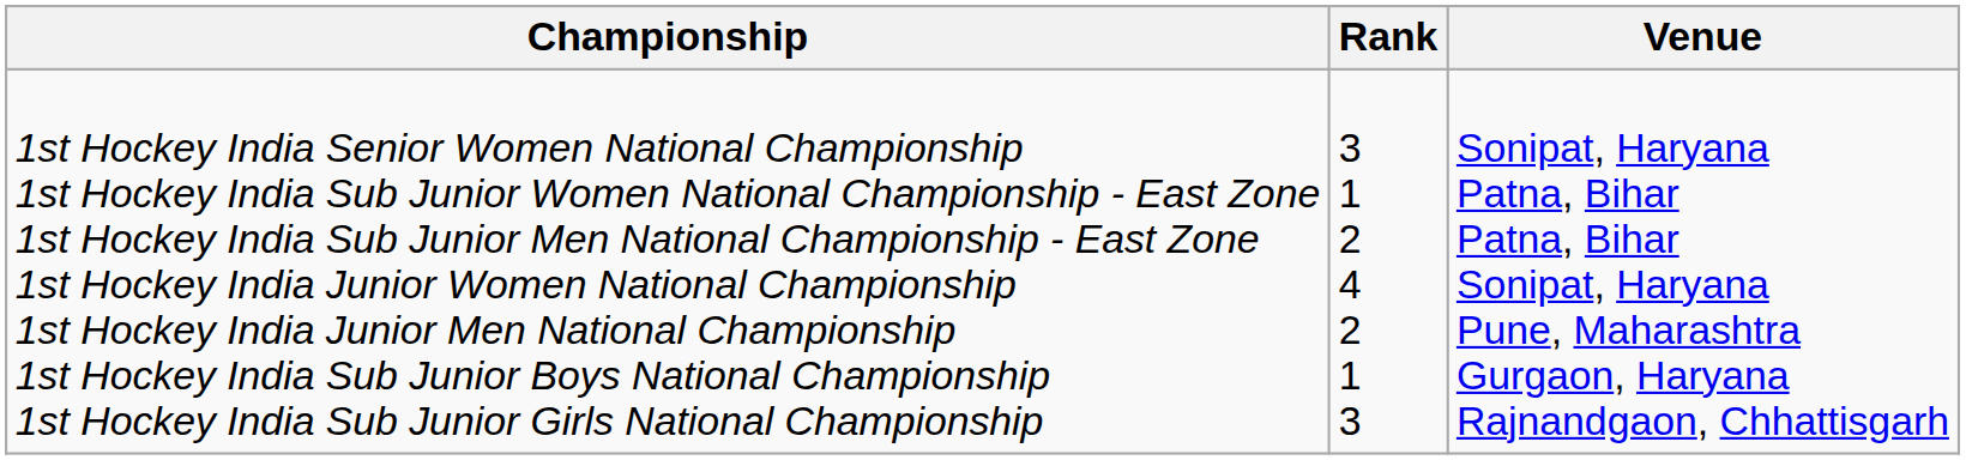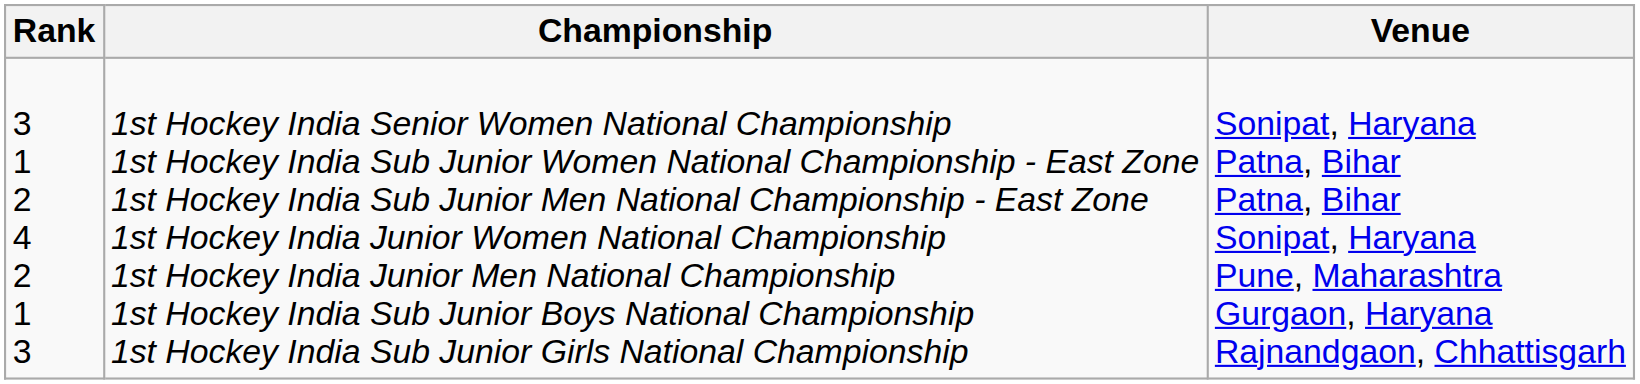 <table class="wikitable" style="text-align: left;">
 <tr>
+<th>Rank</th>
 <th>Championship</th>
-<th>Rank</th>
 <th>Venue</th>
 </tr>
 <tr>
+<td><div><br>3 <br> 1<br> 2<br> 4<br> 2<br> 1<br> 3</div></td>
 <td><br><em>1st Hockey India Senior Women National Championship</em> <br> <em>1st Hockey India Sub Junior Women National Championship - East Zone</em><br> <em>1st Hockey India Sub Junior Men National Championship - East Zone</em><br> <em>1st Hockey India Junior Women National Championship</em><br> <em>1st Hockey India Junior Men National Championship</em><br> <em>1st Hockey India Sub Junior Boys National Championship</em><br> <em>1st Hockey India Sub Junior Girls National Championship</em></td>
-<td><div><br>3 <br> 1<br> 2<br> 4<br> 2<br> 1<br> 3</div></td>
 <td><br><a href='#'>Sonipat</a>, <a href='#'>Haryana</a><br> <a href='#'>Patna</a>, <a href='#'>Bihar</a><br> <a href='#'>Patna</a>, <a href='#'>Bihar</a><br> <a href='#'>Sonipat</a>, <a href='#'>Haryana</a><br> <a href='#'>Pune</a>, <a href='#'>Maharashtra</a><br> <a href='#'>Gurgaon</a>, <a href='#'>Haryana</a><br> <a href='#'>Rajnandgaon</a>, <a href='#'>Chhattisgarh</a></td>
 </tr>
 </table>
